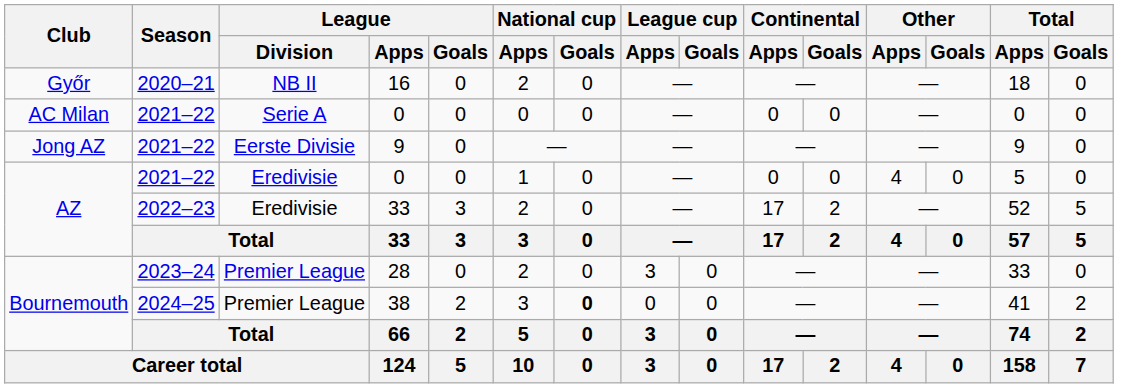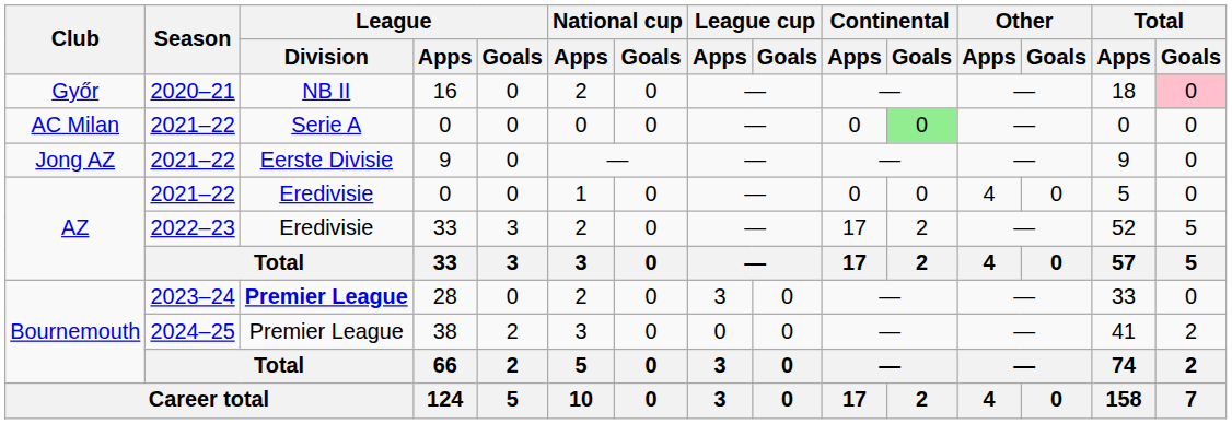 <table class="wikitable" style="text-align: center;">
 <tr>
 <th rowspan="2">Club</th>
 <th rowspan="2">Season</th>
 <th colspan="3">League</th>
 <th colspan="2">National cup</th>
 <th colspan="2">League cup</th>
 <th colspan="2">Continental</th>
 <th colspan="2">Other</th>
 <th colspan="2">Total</th>
 </tr>
 <tr>
 <th>Division</th>
 <th>Apps</th>
 <th>Goals</th>
 <th>Apps</th>
 <th>Goals</th>
 <th>Apps</th>
 <th>Goals</th>
 <th>Apps</th>
 <th>Goals</th>
 <th>Apps</th>
 <th>Goals</th>
 <th>Apps</th>
 <th>Goals</th>
 </tr>
 <tr>
 <td><a href='#'>Győr</a></td>
 <td><a href='#'>2020–21</a></td>
 <td><a href='#'>NB II</a></td>
 <td>16</td>
 <td>0</td>
 <td>2</td>
 <td>0</td>
 <td colspan="2">—</td>
 <td colspan="2">—</td>
 <td colspan="2">—</td>
 <td>18</td>
-<td>0</td>
+<td style="background: pink;">0</td>
 </tr>
 <tr>
 <td><a href='#'>AC Milan</a></td>
 <td><a href='#'>2021–22</a></td>
 <td><a href='#'>Serie A</a></td>
 <td>0</td>
 <td>0</td>
 <td>0</td>
 <td>0</td>
 <td colspan="2">—</td>
 <td>0</td>
-<td>0</td>
+<td style="background: lightgreen;">0</td>
 <td colspan="2">—</td>
 <td>0</td>
 <td>0</td>
 </tr>
 <tr>
 <td><a href='#'>Jong AZ</a></td>
 <td><a href='#'>2021–22</a></td>
 <td><a href='#'>Eerste Divisie</a></td>
 <td>9</td>
 <td>0</td>
 <td colspan="2">—</td>
 <td colspan="2">—</td>
 <td colspan="2">—</td>
 <td colspan="2">—</td>
 <td>9</td>
 <td>0</td>
 </tr>
 <tr>
 <td rowspan="3"><a href='#'>AZ</a></td>
 <td><a href='#'>2021–22</a></td>
 <td><a href='#'>Eredivisie</a></td>
 <td>0</td>
 <td>0</td>
 <td>1</td>
 <td>0</td>
 <td colspan="2">—</td>
 <td>0</td>
 <td>0</td>
 <td>4</td>
 <td>0</td>
 <td>5</td>
 <td>0</td>
 </tr>
 <tr>
 <td><a href='#'>2022–23</a></td>
 <td>Eredivisie</td>
 <td>33</td>
 <td>3</td>
 <td>2</td>
 <td>0</td>
 <td colspan="2">—</td>
 <td>17</td>
 <td>2</td>
 <td colspan="2">—</td>
 <td>52</td>
 <td>5</td>
 </tr>
 <tr>
 <th colspan="2">Total</th>
 <th>33</th>
 <th>3</th>
 <th>3</th>
 <th>0</th>
 <th colspan="2">—</th>
 <th>17</th>
 <th>2</th>
 <th>4</th>
 <th>0</th>
 <th>57</th>
 <th>5</th>
 </tr>
 <tr>
 <td rowspan="3"><a href='#'>Bournemouth</a></td>
 <td><a href='#'>2023–24</a></td>
-<td><a href='#'>Premier League</a></td>
+<td><strong><a href='#'>Premier League</a></strong></td>
 <td>28</td>
 <td>0</td>
 <td>2</td>
 <td>0</td>
 <td>3</td>
 <td>0</td>
 <td colspan="2">—</td>
 <td colspan="2">—</td>
 <td>33</td>
 <td>0</td>
 </tr>
 <tr>
 <td><a href='#'>2024–25</a></td>
 <td>Premier League</td>
 <td>38</td>
 <td>2</td>
 <td>3</td>
-<td><strong>0</strong></td>
+<td>0</td>
 <td>0</td>
 <td>0</td>
 <td colspan="2">—</td>
 <td colspan="2">—</td>
 <td>41</td>
 <td>2</td>
 </tr>
 <tr>
 <th colspan="2">Total</th>
 <th>66</th>
 <th>2</th>
 <th>5</th>
 <th>0</th>
 <th>3</th>
 <th>0</th>
 <th colspan="2">—</th>
 <th colspan="2">—</th>
 <th>74</th>
 <th>2</th>
 </tr>
 <tr>
 <th colspan="3">Career total</th>
 <th>124</th>
 <th>5</th>
 <th>10</th>
 <th>0</th>
 <th>3</th>
 <th>0</th>
 <th>17</th>
 <th>2</th>
 <th>4</th>
 <th>0</th>
 <th>158</th>
 <th>7</th>
 </tr>
 </table>
